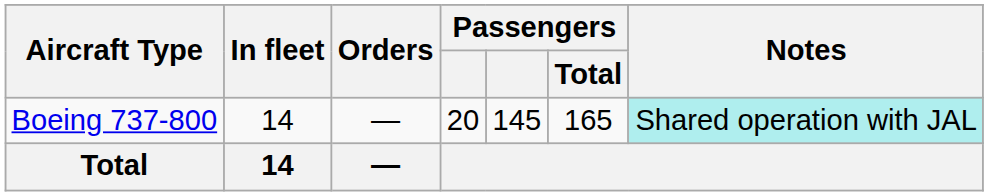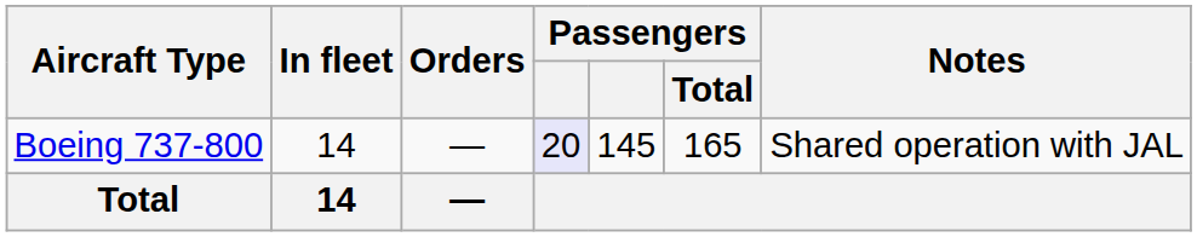 <table class="wikitable" style="margin:0.5em auto;text-align:center">
 <tr>
 <th rowspan="2">Aircraft Type</th>
 <th rowspan="2">In fleet</th>
 <th rowspan="2">Orders</th>
 <th colspan="3">Passengers</th>
 <th rowspan="2">Notes</th>
 </tr>
 <tr>
 <th></th>
 <th></th>
 <th>Total</th>
 </tr>
 <tr>
 <td><a href='#'>Boeing 737-800</a></td>
 <td>14</td>
 <td>—</td>
-<td>20</td>
+<td style="background: lavender;">20</td>
 <td>145</td>
 <td>165</td>
-<td style="background: paleturquoise;">Shared operation with JAL</td>
+<td>Shared operation with JAL</td>
 </tr>
 <tr>
 <th>Total</th>
 <th>14</th>
 <th>—</th>
 <th colspan="4"></th>
 </tr>
 </table>
